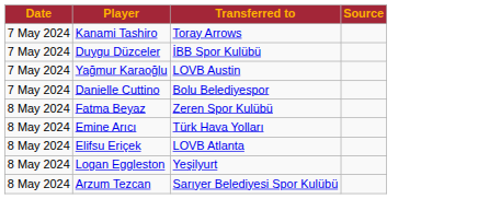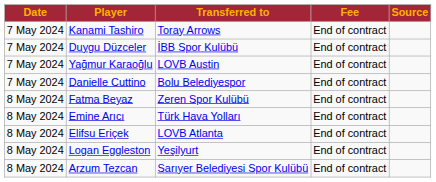 <table class="wikitable plainrowheaders sortable">
 <tr>
 <th style="background:#A32638; color:#FFB300; ">Date</th>
 <th style="background:#A32638; color:#FFB300; ">Player</th>
 <th style="background:#A32638; color:#FFB300; ">Transferred to</th>
+<th style="background:#A32638; color:#FFB300; ">Fee</th>
 <th style="background:#A32638; color:#FFB300; ">Source</th>
 </tr>
 <tr>
 <td>7 May 2024</td>
 <td align=left> <a href='#'>Kanami Tashiro</a></td>
 <td align=left> <a href='#'>Toray Arrows</a></td>
+<td>End of contract</td>
 <td></td>
 </tr>
 <tr>
 <td>7 May 2024</td>
 <td align=left> <a href='#'>Duygu Düzceler</a></td>
 <td align=left> <a href='#'>İBB Spor Kulübü</a></td>
+<td>End of contract</td>
 <td></td>
 </tr>
 <tr>
 <td>7 May 2024</td>
 <td align=left> <a href='#'>Yağmur Karaoğlu</a></td>
 <td align=left> <a href='#'>LOVB Austin</a></td>
+<td>End of contract</td>
 <td></td>
 </tr>
 <tr>
 <td>7 May 2024</td>
 <td align=left> <a href='#'>Danielle Cuttino</a></td>
 <td align=left> <a href='#'>Bolu Belediyespor</a></td>
+<td>End of contract</td>
 <td></td>
 </tr>
 <tr>
 <td>8 May 2024</td>
 <td align=left> <a href='#'>Fatma Beyaz</a></td>
 <td align=left> <a href='#'>Zeren Spor Kulübü</a></td>
+<td>End of contract</td>
 <td></td>
 </tr>
 <tr>
 <td>8 May 2024</td>
 <td align=left> <a href='#'>Emine Arıcı</a></td>
 <td align=left> <a href='#'>Türk Hava Yolları</a></td>
+<td>End of contract</td>
 <td></td>
 </tr>
 <tr>
 <td>8 May 2024</td>
 <td align=left> <a href='#'>Elifsu Eriçek</a></td>
 <td align=left> <a href='#'>LOVB Atlanta</a></td>
+<td>End of contract</td>
 <td></td>
 </tr>
 <tr>
 <td>8 May 2024</td>
 <td align=left> <a href='#'>Logan Eggleston</a></td>
 <td align=left> <a href='#'>Yeşilyurt</a></td>
+<td>End of contract</td>
 <td></td>
 </tr>
 <tr>
 <td>8 May 2024</td>
 <td align=left> <a href='#'>Arzum Tezcan</a></td>
 <td align=left> <a href='#'>Sarıyer Belediyesi Spor Kulübü</a></td>
+<td>End of contract</td>
 <td></td>
 </tr>
 </table>
